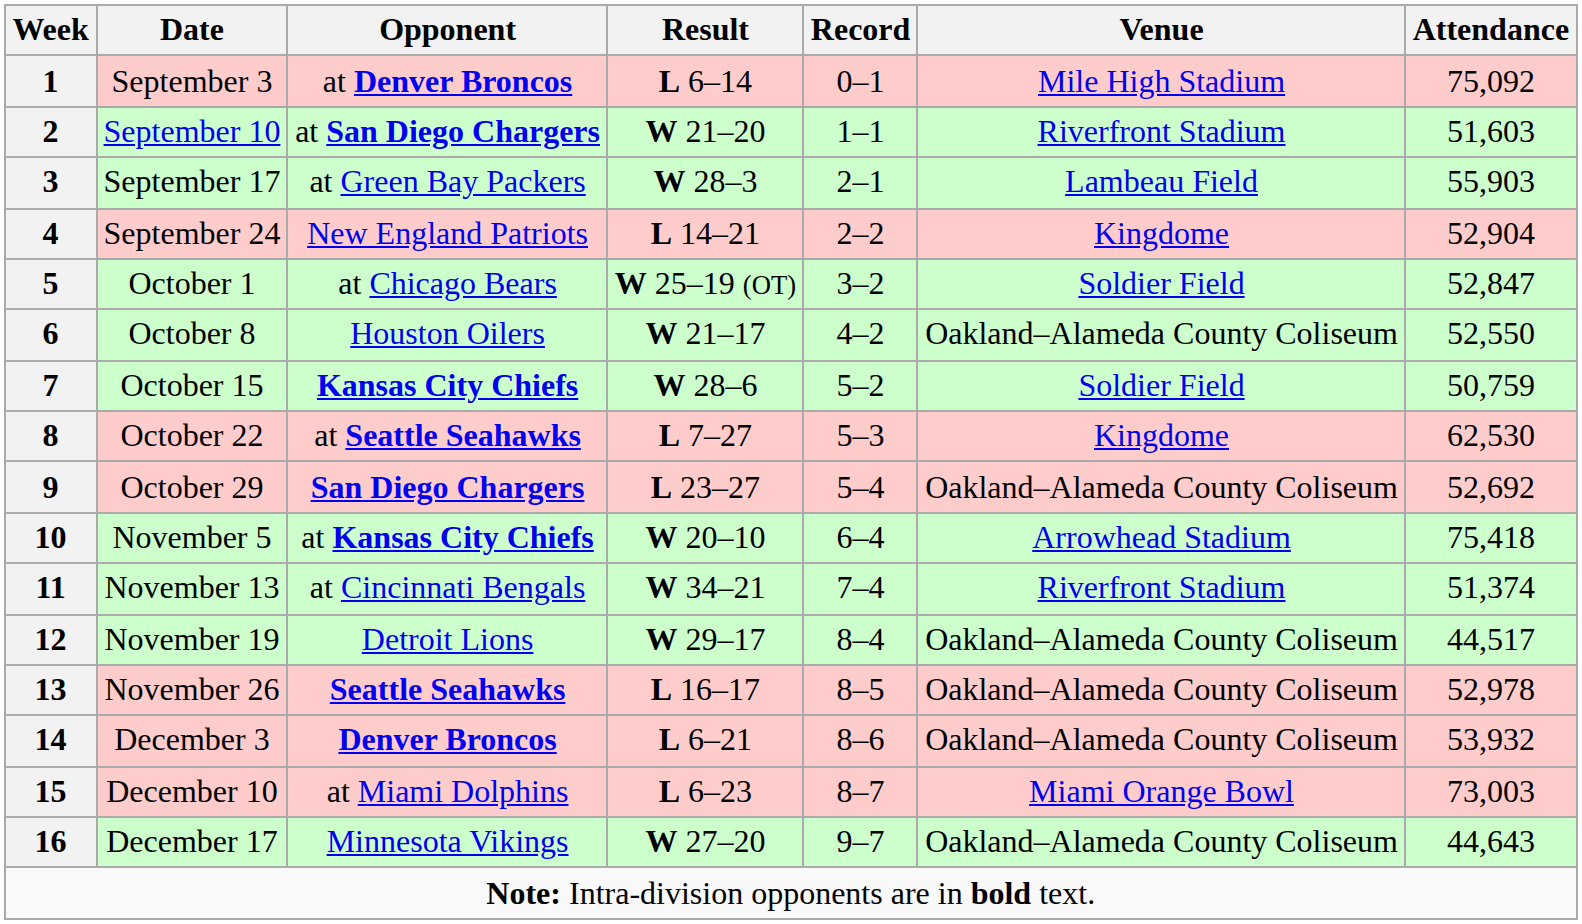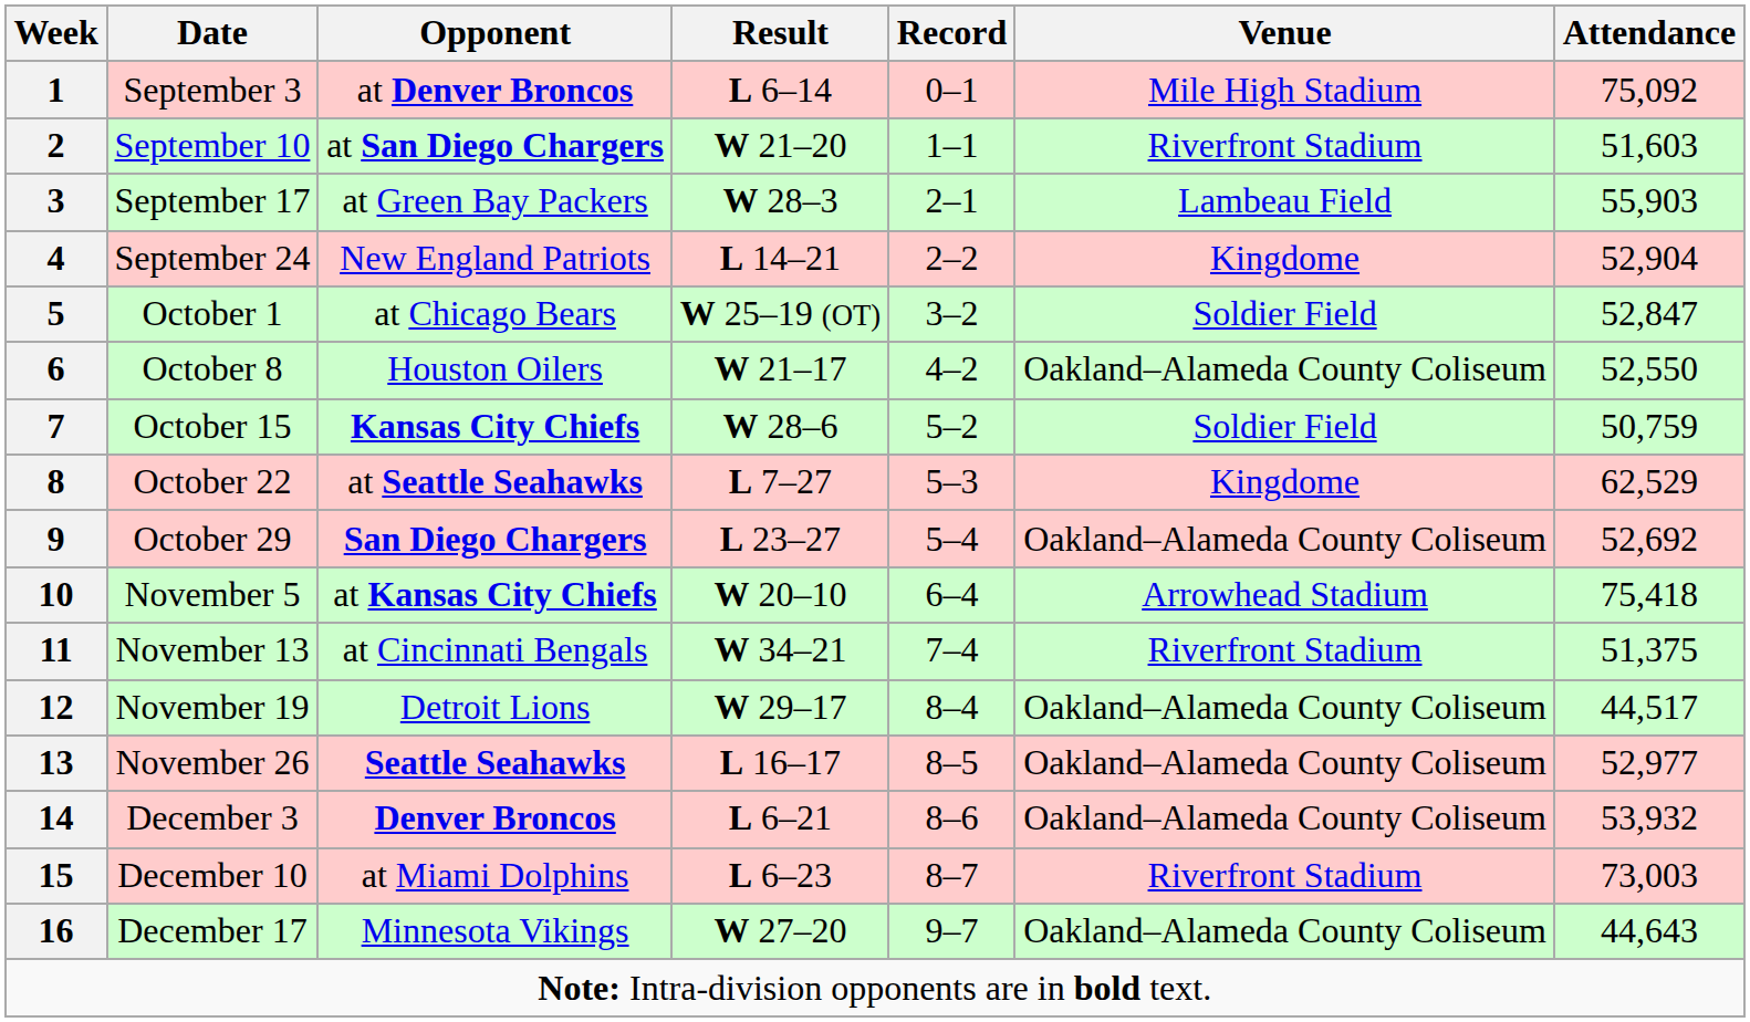 <table class="wikitable" style="text-align:center">
 <tr>
 <th>Week</th>
 <th>Date</th>
 <th>Opponent</th>
 <th>Result</th>
 <th>Record</th>
 <th>Venue</th>
 <th>Attendance</th>
 </tr>
 <tr style="background:#fcc">
 <th>1</th>
 <td>September 3</td>
 <td>at <strong><a href='#'>Denver Broncos</a></strong></td>
 <td><strong>L</strong> 6–14</td>
 <td>0–1</td>
 <td><a href='#'>Mile High Stadium</a></td>
 <td>75,092</td>
 </tr>
 <tr style="background:#cfc">
 <th>2</th>
 <td><a href='#'>September 10</a></td>
 <td>at <strong><a href='#'>San Diego Chargers</a></strong></td>
 <td><strong>W</strong> 21–20</td>
 <td>1–1</td>
 <td><a href='#'>Riverfront Stadium</a></td>
 <td>51,603</td>
 </tr>
 <tr style="background:#cfc">
 <th>3</th>
 <td>September 17</td>
 <td>at <a href='#'>Green Bay Packers</a></td>
 <td><strong>W</strong> 28–3</td>
 <td>2–1</td>
 <td><a href='#'>Lambeau Field</a></td>
 <td>55,903</td>
 </tr>
 <tr style="background:#fcc">
 <th>4</th>
 <td>September 24</td>
 <td><a href='#'>New England Patriots</a></td>
 <td><strong>L</strong> 14–21</td>
 <td>2–2</td>
 <td><a href='#'>Kingdome</a></td>
 <td>52,904</td>
 </tr>
 <tr style="background:#cfc">
 <th>5</th>
 <td>October 1</td>
 <td>at <a href='#'>Chicago Bears</a></td>
 <td><strong>W</strong> 25–19 <small>(OT)</small></td>
 <td>3–2</td>
 <td><a href='#'>Soldier Field</a></td>
 <td>52,847</td>
 </tr>
 <tr style="background:#cfc">
 <th>6</th>
 <td>October 8</td>
 <td><a href='#'>Houston Oilers</a></td>
 <td><strong>W</strong> 21–17</td>
 <td>4–2</td>
 <td>Oakland–Alameda County Coliseum</td>
 <td>52,550</td>
 </tr>
 <tr style="background:#cfc">
 <th>7</th>
 <td>October 15</td>
 <td><strong><a href='#'>Kansas City Chiefs</a></strong></td>
 <td><strong>W</strong> 28–6</td>
 <td>5–2</td>
 <td><a href='#'>Soldier Field</a></td>
 <td>50,759</td>
 </tr>
 <tr style="background:#fcc">
 <th>8</th>
 <td>October 22</td>
 <td>at <strong><a href='#'>Seattle Seahawks</a></strong></td>
 <td><strong>L</strong> 7–27</td>
 <td>5–3</td>
 <td><a href='#'>Kingdome</a></td>
-<td>62,530</td>
+<td>62,529</td>
 </tr>
 <tr style="background:#fcc">
 <th>9</th>
 <td>October 29</td>
 <td><strong><a href='#'>San Diego Chargers</a></strong></td>
 <td><strong>L</strong> 23–27</td>
 <td>5–4</td>
 <td>Oakland–Alameda County Coliseum</td>
 <td>52,692</td>
 </tr>
 <tr style="background:#cfc">
 <th>10</th>
 <td>November 5</td>
 <td>at <strong><a href='#'>Kansas City Chiefs</a></strong></td>
 <td><strong>W</strong> 20–10</td>
 <td>6–4</td>
 <td><a href='#'>Arrowhead Stadium</a></td>
 <td>75,418</td>
 </tr>
 <tr style="background:#cfc">
 <th>11</th>
 <td>November 13</td>
 <td>at <a href='#'>Cincinnati Bengals</a></td>
 <td><strong>W</strong> 34–21</td>
 <td>7–4</td>
 <td><a href='#'>Riverfront Stadium</a></td>
-<td>51,374</td>
+<td>51,375</td>
 </tr>
 <tr style="background:#cfc">
 <th>12</th>
 <td>November 19</td>
 <td><a href='#'>Detroit Lions</a></td>
 <td><strong>W</strong> 29–17</td>
 <td>8–4</td>
 <td>Oakland–Alameda County Coliseum</td>
 <td>44,517</td>
 </tr>
 <tr style="background:#fcc">
 <th>13</th>
 <td>November 26</td>
 <td><strong><a href='#'>Seattle Seahawks</a></strong></td>
 <td><strong>L</strong> 16–17</td>
 <td>8–5</td>
 <td>Oakland–Alameda County Coliseum</td>
-<td>52,978</td>
+<td>52,977</td>
 </tr>
 <tr style="background:#fcc">
 <th>14</th>
 <td>December 3</td>
 <td><strong><a href='#'>Denver Broncos</a></strong></td>
 <td><strong>L</strong> 6–21</td>
 <td>8–6</td>
 <td>Oakland–Alameda County Coliseum</td>
 <td>53,932</td>
 </tr>
 <tr style="background:#fcc">
 <th>15</th>
 <td>December 10</td>
 <td>at <a href='#'>Miami Dolphins</a></td>
 <td><strong>L</strong> 6–23</td>
 <td>8–7</td>
-<td><a href='#'>Miami Orange Bowl</a></td>
+<td><a href='#'>Riverfront Stadium</a></td>
 <td>73,003</td>
 </tr>
 <tr style="background:#cfc">
 <th>16</th>
 <td>December 17</td>
 <td><a href='#'>Minnesota Vikings</a></td>
 <td><strong>W</strong> 27–20</td>
 <td>9–7</td>
 <td>Oakland–Alameda County Coliseum</td>
 <td>44,643</td>
 </tr>
 <tr>
 <td colspan="7"><strong>Note:</strong> Intra-division opponents are in <strong>bold</strong> text.</td>
 </tr>
 </table>
